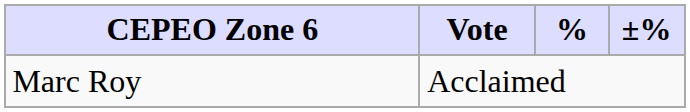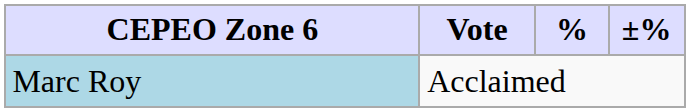 <table class="wikitable">
 <tr>
 <th style="background:#DDDDFF" width="200px">CEPEO Zone 6</th>
 <th style="background:#DDDDFF" width="50px">Vote</th>
 <th style="background:#DDDDFF" width="30px">%</th>
 <th style="background:#DDDDFF" width="30px">±%</th>
 </tr>
 <tr>
-<td>Marc Roy</td>
+<td style="background: lightblue;">Marc Roy</td>
 <td colspan="3">Acclaimed</td>
 </tr>
 </table>
